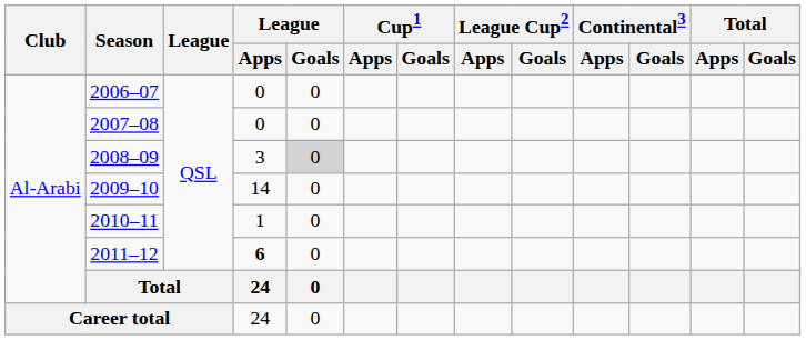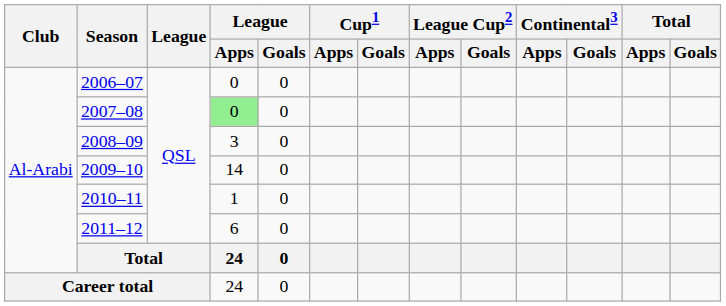 <table class="wikitable" style="font-size:90%; text-align:center;">
 <tr>
 <th rowspan="2">Club</th>
 <th rowspan="2">Season</th>
 <th rowspan="2">League</th>
 <th colspan="2">League</th>
 <th colspan="2">Cup<sup><a href='#'>1</a></sup></th>
 <th colspan="2">League Cup<sup><a href='#'>2</a></sup></th>
 <th colspan="2">Continental<sup><a href='#'>3</a></sup></th>
 <th colspan="2">Total</th>
 </tr>
 <tr>
 <th>Apps</th>
 <th>Goals</th>
 <th>Apps</th>
 <th>Goals</th>
 <th>Apps</th>
 <th>Goals</th>
 <th>Apps</th>
 <th>Goals</th>
 <th>Apps</th>
 <th>Goals</th>
 </tr>
 <tr>
 <td rowspan="7"><a href='#'>Al-Arabi</a></td>
 <td><a href='#'>2006–07</a></td>
 <td rowspan="6" valign="center"><a href='#'>QSL</a></td>
 <td>0</td>
 <td>0</td>
 <td></td>
 <td></td>
 <td></td>
 <td></td>
 <td></td>
 <td></td>
 <td></td>
 <td></td>
 </tr>
 <tr>
 <td><a href='#'>2007–08</a></td>
-<td>0</td>
+<td style="background: lightgreen;">0</td>
 <td>0</td>
 <td></td>
 <td></td>
 <td></td>
 <td></td>
 <td></td>
 <td></td>
 <td></td>
 <td></td>
 </tr>
 <tr>
 <td><a href='#'>2008–09</a></td>
 <td>3</td>
-<td style="background: lightgrey;">0</td>
+<td>0</td>
 <td></td>
 <td></td>
 <td></td>
 <td></td>
 <td></td>
 <td></td>
 <td></td>
 <td></td>
 </tr>
 <tr>
 <td><a href='#'>2009–10</a></td>
 <td>14</td>
 <td>0</td>
 <td></td>
 <td></td>
 <td></td>
 <td></td>
 <td></td>
 <td></td>
 <td></td>
 <td></td>
 </tr>
 <tr>
 <td><a href='#'>2010–11</a></td>
 <td>1</td>
 <td>0</td>
 <td></td>
 <td></td>
 <td></td>
 <td></td>
 <td></td>
 <td></td>
 <td></td>
 <td></td>
 </tr>
 <tr>
 <td><a href='#'>2011–12</a></td>
-<td><strong>6</strong></td>
+<td>6</td>
 <td>0</td>
 <td></td>
 <td></td>
 <td></td>
 <td></td>
 <td></td>
 <td></td>
 <td></td>
 <td></td>
 </tr>
 <tr>
 <th colspan="2">Total</th>
 <th>24</th>
 <th>0</th>
 <th></th>
 <th></th>
 <th></th>
 <th></th>
 <th></th>
 <th></th>
 <th></th>
 <th></th>
 </tr>
 <tr>
 <th colspan="3">Career total</th>
 <td>24</td>
 <td>0</td>
 <td></td>
 <td></td>
 <td></td>
 <td></td>
 <td></td>
 <td></td>
 <td></td>
 <td></td>
 </tr>
 </table>
